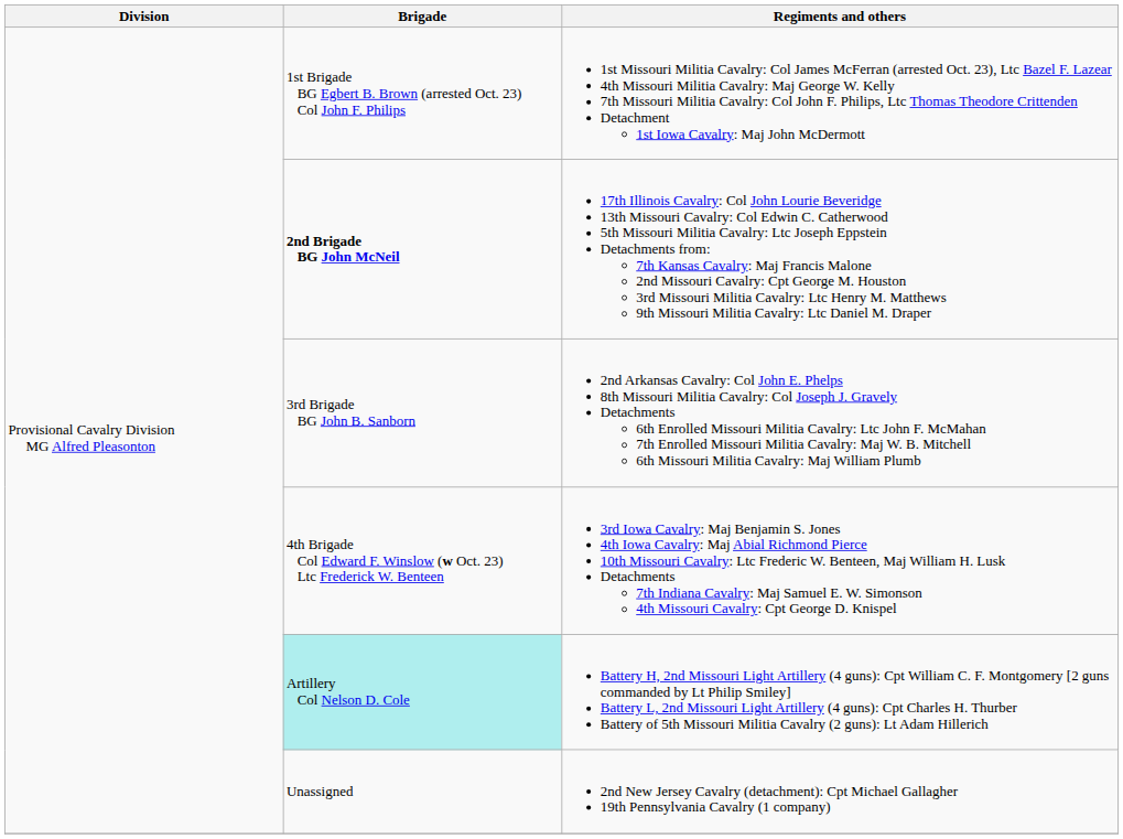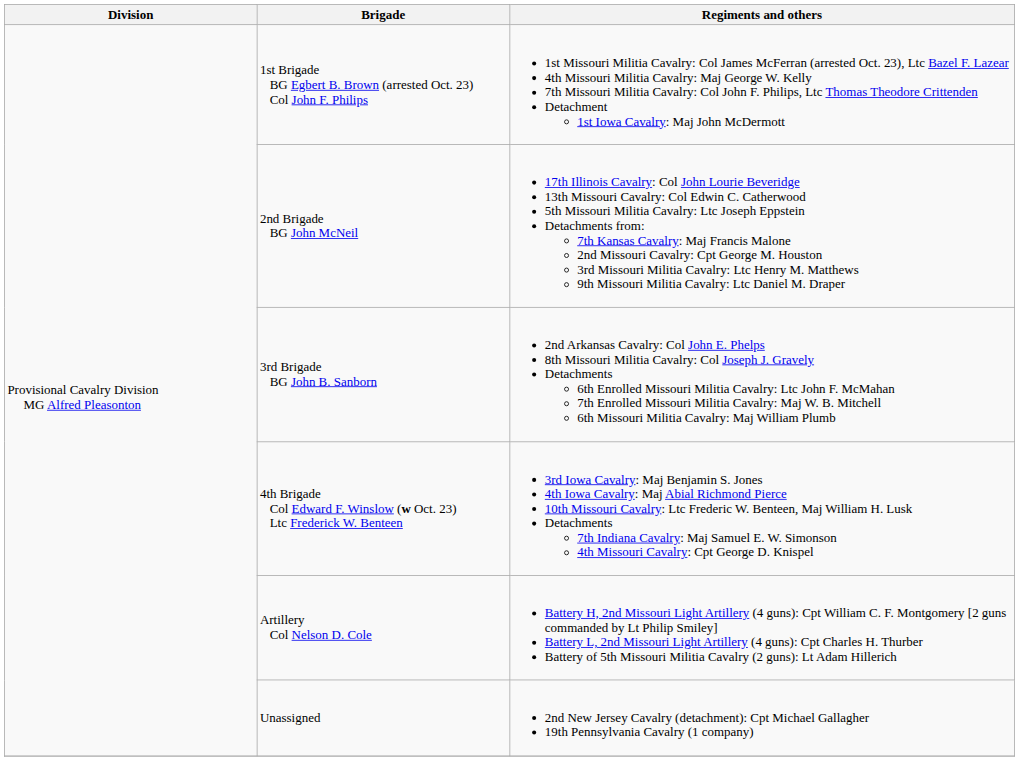 <table class="wikitable">
 <tr>
 <th width=25%>Division</th>
 <th width=25%>Brigade</th>
 <th>Regiments and others</th>
 </tr>
 <tr>
 <td rowspan=6><br>Provisional Cavalry Division <br>     MG <a href='#'>Alfred Pleasonton</a></td>
 <td>1st Brigade<br>   BG <a href='#'>Egbert B. Brown</a> (arrested Oct. 23)<br>   Col <a href='#'>John F. Philips</a></td>
 <td><br><ul><li>1st Missouri Militia Cavalry: Col James McFerran (arrested Oct. 23), Ltc <a href='#'>Bazel F. Lazear</a></li><li>4th Missouri Militia Cavalry: Maj George W. Kelly</li><li>7th Missouri Militia Cavalry: Col John F. Philips, Ltc <a href='#'>Thomas Theodore Crittenden</a></li><li>Detachment<ul><li><a href='#'>1st Iowa Cavalry</a>: Maj John McDermott</li></ul></li></ul></td>
 </tr>
 <tr>
-<td><strong>2nd Brigade<br>   BG <a href='#'>John McNeil</a></strong></td>
+<td>2nd Brigade<br>   BG <a href='#'>John McNeil</a></td>
 <td><br><ul><li><a href='#'>17th Illinois Cavalry</a>: Col <a href='#'>John Lourie Beveridge</a></li><li>13th Missouri Cavalry: Col Edwin C. Catherwood</li><li>5th Missouri Militia Cavalry: Ltc Joseph Eppstein</li><li>Detachments from:<ul><li><a href='#'>7th Kansas Cavalry</a>: Maj Francis Malone</li><li>2nd Missouri Cavalry: Cpt George M. Houston</li><li>3rd Missouri Militia Cavalry: Ltc Henry M. Matthews</li><li>9th Missouri Militia Cavalry: Ltc Daniel M. Draper</li></ul></li></ul></td>
 </tr>
 <tr>
 <td>3rd Brigade<br>   BG <a href='#'>John B. Sanborn</a></td>
 <td><br><ul><li>2nd Arkansas Cavalry: Col <a href='#'>John E. Phelps</a></li><li>8th Missouri Militia Cavalry: Col <a href='#'>Joseph J. Gravely</a></li><li>Detachments<ul><li>6th Enrolled Missouri Militia Cavalry: Ltc John F. McMahan</li><li>7th Enrolled Missouri Militia Cavalry: Maj W. B. Mitchell</li><li>6th Missouri Militia Cavalry: Maj William Plumb</li></ul></li></ul></td>
 </tr>
 <tr>
 <td>4th Brigade<br>   Col <a href='#'>Edward F. Winslow</a> (<strong>w</strong> Oct. 23)<br>   Ltc <a href='#'>Frederick W. Benteen</a></td>
 <td><br><ul><li><a href='#'>3rd Iowa Cavalry</a>: Maj Benjamin S. Jones</li><li><a href='#'>4th Iowa Cavalry</a>: Maj <a href='#'>Abial Richmond Pierce</a></li><li><a href='#'>10th Missouri Cavalry</a>: Ltc Frederic W. Benteen, Maj William H. Lusk</li><li>Detachments<ul><li><a href='#'>7th Indiana Cavalry</a>: Maj Samuel E. W. Simonson</li><li><a href='#'>4th Missouri Cavalry</a>: Cpt George D. Knispel</li></ul></li></ul></td>
 </tr>
 <tr>
-<td style="background: paleturquoise;">Artillery<br>   Col <a href='#'>Nelson D. Cole</a></td>
+<td>Artillery<br>   Col <a href='#'>Nelson D. Cole</a></td>
 <td><br><ul><li><a href='#'>Battery H, 2nd Missouri Light Artillery</a> (4 guns): Cpt William C. F. Montgomery [2 guns commanded by Lt Philip Smiley]</li><li><a href='#'>Battery L, 2nd Missouri Light Artillery</a> (4 guns): Cpt Charles H. Thurber</li><li>Battery of 5th Missouri Militia Cavalry (2 guns): Lt Adam Hillerich</li></ul></td>
 </tr>
 <tr>
 <td>Unassigned</td>
 <td><br><ul><li>2nd New Jersey Cavalry (detachment): Cpt Michael Gallagher</li><li>19th Pennsylvania Cavalry (1 company)</li></ul></td>
 </tr>
 <tr>
 </tr>
 </table>
